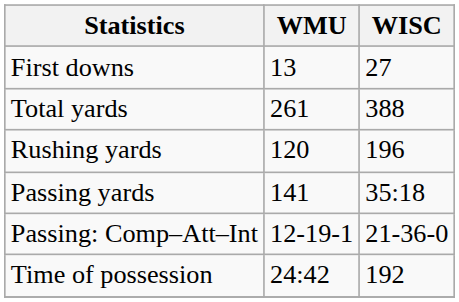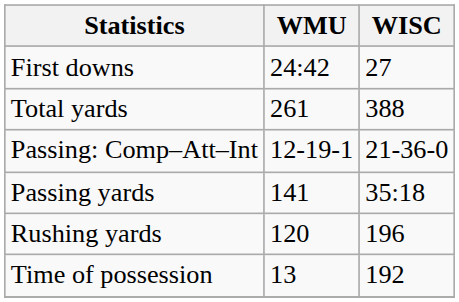 <table class="wikitable" style="float: left;">
 <tr>
 <th>Statistics</th>
 <th>WMU</th>
 <th>WISC</th>
 </tr>
 <tr>
 <td>First downs</td>
-<td>13</td>
+<td>24:42</td>
 <td>27</td>
 </tr>
 <tr>
 <td>Total yards</td>
 <td>261</td>
 <td>388</td>
 </tr>
 <tr>
-<td>Rushing yards</td>
-<td>120</td>
-<td>196</td>
+<td>Passing: Comp–Att–Int</td>
+<td>12-19-1</td>
+<td>21-36-0</td>
 </tr>
 <tr>
 <td>Passing yards</td>
 <td>141</td>
 <td>35:18</td>
 </tr>
 <tr>
-<td>Passing: Comp–Att–Int</td>
-<td>12-19-1</td>
-<td>21-36-0</td>
+<td>Rushing yards</td>
+<td>120</td>
+<td>196</td>
 </tr>
 <tr>
 <td>Time of possession</td>
-<td>24:42</td>
+<td>13</td>
 <td>192</td>
 </tr>
 <tr>
 </tr>
 </table>
